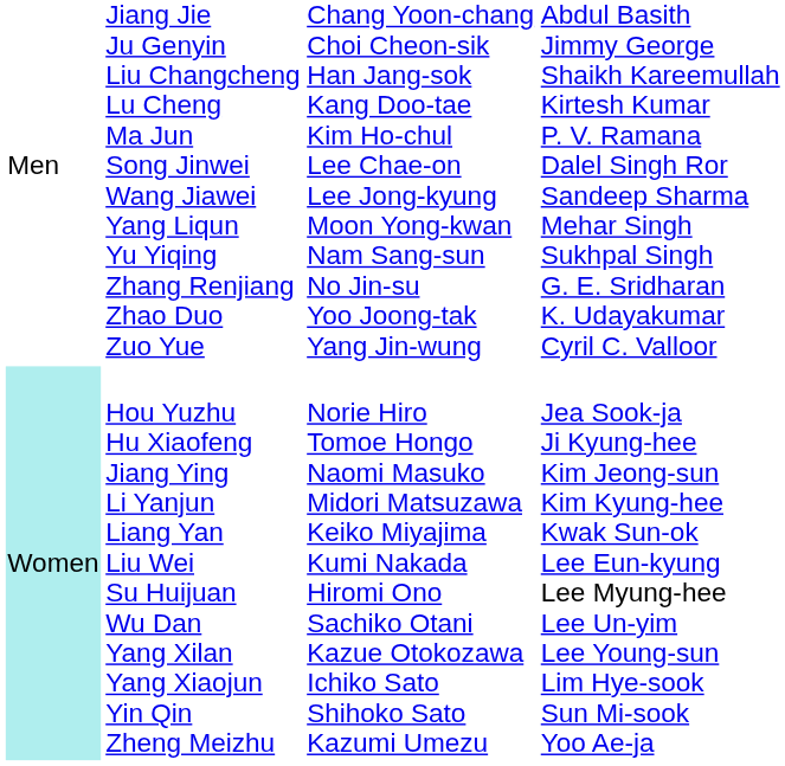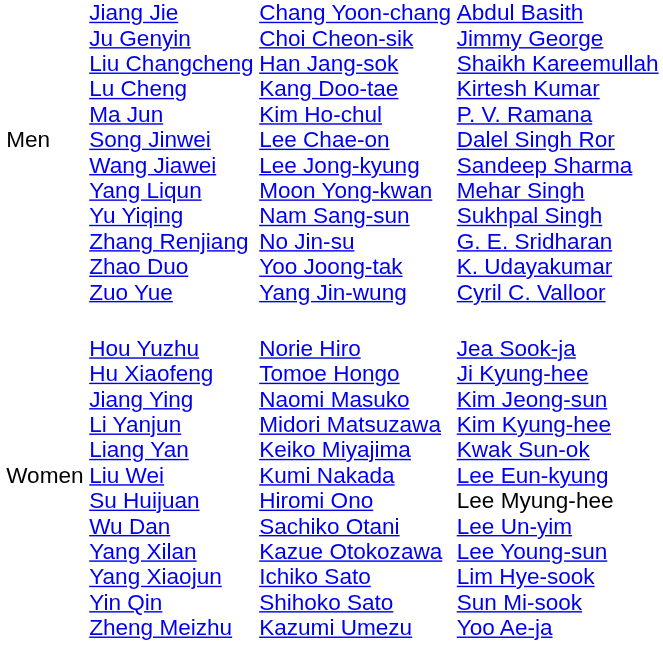 <table>
 <tr>
 <td>Men<br></td>
 <td><br><a href='#'>Jiang Jie</a><br><a href='#'>Ju Genyin</a><br><a href='#'>Liu Changcheng</a><br><a href='#'>Lu Cheng</a><br><a href='#'>Ma Jun</a><br><a href='#'>Song Jinwei</a><br><a href='#'>Wang Jiawei</a><br><a href='#'>Yang Liqun</a><br><a href='#'>Yu Yiqing</a><br><a href='#'>Zhang Renjiang</a><br><a href='#'>Zhao Duo</a><br><a href='#'>Zuo Yue</a></td>
 <td><br><a href='#'>Chang Yoon-chang</a><br><a href='#'>Choi Cheon-sik</a><br><a href='#'>Han Jang-sok</a><br><a href='#'>Kang Doo-tae</a><br><a href='#'>Kim Ho-chul</a><br><a href='#'>Lee Chae-on</a><br><a href='#'>Lee Jong-kyung</a><br><a href='#'>Moon Yong-kwan</a><br><a href='#'>Nam Sang-sun</a><br><a href='#'>No Jin-su</a><br><a href='#'>Yoo Joong-tak</a><br><a href='#'>Yang Jin-wung</a></td>
 <td><br><a href='#'>Abdul Basith</a><br><a href='#'>Jimmy George</a><br><a href='#'>Shaikh Kareemullah</a><br><a href='#'>Kirtesh Kumar</a><br><a href='#'>P. V. Ramana</a><br><a href='#'>Dalel Singh Ror</a><br><a href='#'>Sandeep Sharma</a><br><a href='#'>Mehar Singh</a><br><a href='#'>Sukhpal Singh</a><br><a href='#'>G. E. Sridharan</a><br><a href='#'>K. Udayakumar</a><br><a href='#'>Cyril C. Valloor</a></td>
 </tr>
 <tr>
-<td style="background: paleturquoise;">Women<br></td>
+<td>Women<br></td>
 <td><br><a href='#'>Hou Yuzhu</a><br><a href='#'>Hu Xiaofeng</a><br><a href='#'>Jiang Ying</a><br><a href='#'>Li Yanjun</a><br><a href='#'>Liang Yan</a><br><a href='#'>Liu Wei</a><br><a href='#'>Su Huijuan</a><br><a href='#'>Wu Dan</a><br><a href='#'>Yang Xilan</a><br><a href='#'>Yang Xiaojun</a><br><a href='#'>Yin Qin</a><br><a href='#'>Zheng Meizhu</a></td>
 <td><br><a href='#'>Norie Hiro</a><br><a href='#'>Tomoe Hongo</a><br><a href='#'>Naomi Masuko</a><br><a href='#'>Midori Matsuzawa</a><br><a href='#'>Keiko Miyajima</a><br><a href='#'>Kumi Nakada</a><br><a href='#'>Hiromi Ono</a><br><a href='#'>Sachiko Otani</a><br><a href='#'>Kazue Otokozawa</a><br><a href='#'>Ichiko Sato</a><br><a href='#'>Shihoko Sato</a><br><a href='#'>Kazumi Umezu</a></td>
 <td><br><a href='#'>Jea Sook-ja</a><br><a href='#'>Ji Kyung-hee</a><br><a href='#'>Kim Jeong-sun</a><br><a href='#'>Kim Kyung-hee</a><br><a href='#'>Kwak Sun-ok</a><br><a href='#'>Lee Eun-kyung</a><br>Lee Myung-hee<br><a href='#'>Lee Un-yim</a><br><a href='#'>Lee Young-sun</a><br><a href='#'>Lim Hye-sook</a><br><a href='#'>Sun Mi-sook</a><br><a href='#'>Yoo Ae-ja</a></td>
 </tr>
 </table>
